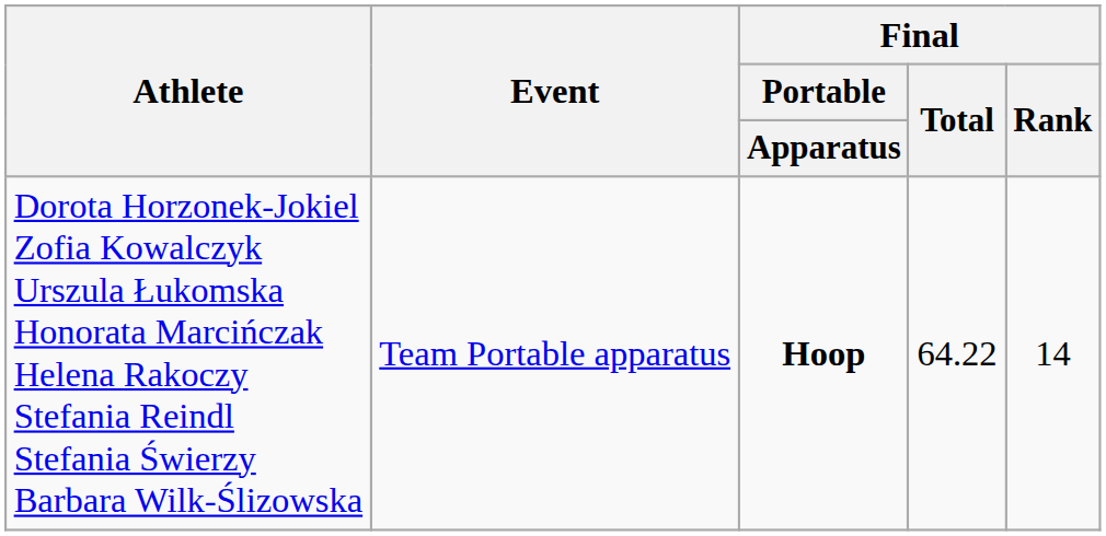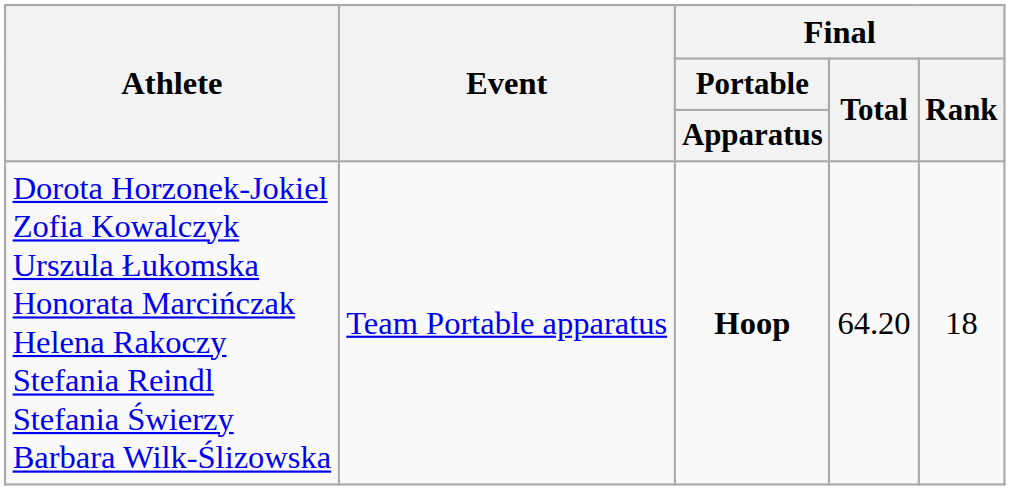 <table class="wikitable" style="font-size:95%">
 <tr>
 <th rowspan="3">Athlete</th>
 <th rowspan="3">Event</th>
 <th colspan =3>Final</th>
 </tr>
 <tr style="font-size:95%">
 <th rowspan=1>Portable</th>
 <th rowspan=2>Total</th>
 <th rowspan=2>Rank</th>
 </tr>
 <tr style="font-size:95%">
 <th>Apparatus</th>
 </tr>
 <tr align=center>
 <td align=left><a href='#'>Dorota Horzonek-Jokiel</a><br><a href='#'>Zofia Kowalczyk</a><br><a href='#'>Urszula Łukomska</a><br><a href='#'>Honorata Marcińczak</a><br><a href='#'>Helena Rakoczy</a><br><a href='#'>Stefania Reindl</a><br><a href='#'>Stefania Świerzy</a><br><a href='#'>Barbara Wilk-Ślizowska</a></td>
 <td align=left><a href='#'>Team Portable apparatus</a></td>
 <td><strong>Hoop</strong></td>
-<td>64.22</td>
-<td>14</td>
+<td>64.20</td>
+<td>18</td>
 </tr>
 </table>
